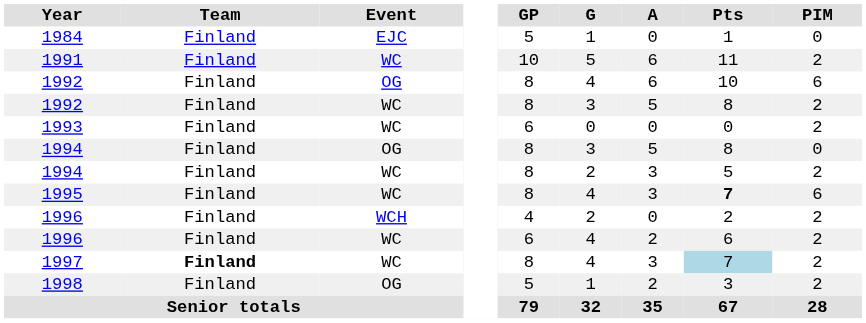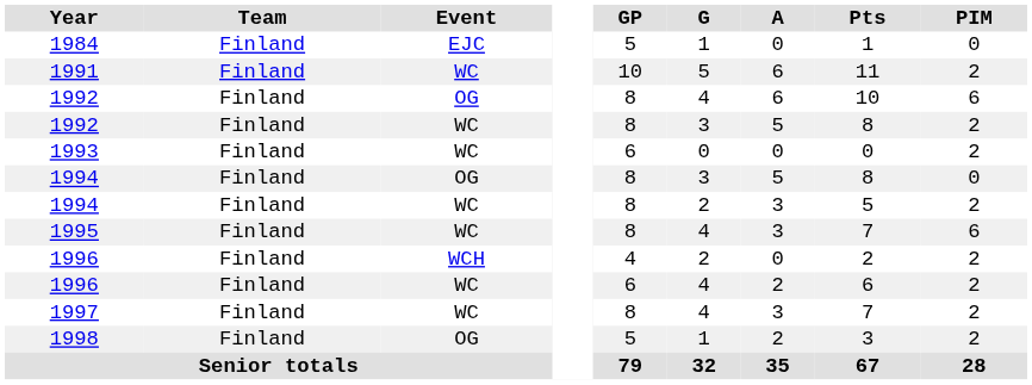 <table border="0" cellpadding="1" cellspacing="0" style="text-align:center; width:50em">
 <tr align="center" bgcolor="#e0e0e0">
 <th>Year</th>
 <th>Team</th>
 <th>Event</th>
 <th rowspan="99" bgcolor="#ffffff"> </th>
 <th>GP</th>
 <th>G</th>
 <th>A</th>
 <th>Pts</th>
 <th>PIM</th>
 </tr>
 <tr>
 <td><a href='#'>1984</a></td>
 <td><a href='#'>Finland</a></td>
 <td><a href='#'>EJC</a></td>
 <td>5</td>
 <td>1</td>
 <td>0</td>
 <td>1</td>
 <td>0</td>
 </tr>
 <tr bgcolor="#f0f0f0">
 <td><a href='#'>1991</a></td>
 <td><a href='#'>Finland</a></td>
 <td><a href='#'>WC</a></td>
 <td>10</td>
 <td>5</td>
 <td>6</td>
 <td>11</td>
 <td>2</td>
 </tr>
 <tr>
 <td><a href='#'>1992</a></td>
 <td>Finland</td>
 <td><a href='#'>OG</a></td>
 <td>8</td>
 <td>4</td>
 <td>6</td>
 <td>10</td>
 <td>6</td>
 </tr>
 <tr bgcolor="#f0f0f0">
 <td><a href='#'>1992</a></td>
 <td>Finland</td>
 <td>WC</td>
 <td>8</td>
 <td>3</td>
 <td>5</td>
 <td>8</td>
 <td>2</td>
 </tr>
 <tr>
 <td><a href='#'>1993</a></td>
 <td>Finland</td>
 <td>WC</td>
 <td>6</td>
 <td>0</td>
 <td>0</td>
 <td>0</td>
 <td>2</td>
 </tr>
 <tr bgcolor="#f0f0f0">
 <td><a href='#'>1994</a></td>
 <td>Finland</td>
 <td>OG</td>
 <td>8</td>
 <td>3</td>
 <td>5</td>
 <td>8</td>
 <td>0</td>
 </tr>
 <tr>
 <td><a href='#'>1994</a></td>
 <td>Finland</td>
 <td>WC</td>
 <td>8</td>
 <td>2</td>
 <td>3</td>
 <td>5</td>
 <td>2</td>
 </tr>
 <tr bgcolor="#f0f0f0">
 <td><a href='#'>1995</a></td>
 <td>Finland</td>
 <td>WC</td>
 <td>8</td>
 <td>4</td>
 <td>3</td>
-<td><strong>7</strong></td>
+<td>7</td>
 <td>6</td>
 </tr>
 <tr>
 <td><a href='#'>1996</a></td>
 <td>Finland</td>
 <td><a href='#'>WCH</a></td>
 <td>4</td>
 <td>2</td>
 <td>0</td>
 <td>2</td>
 <td>2</td>
 </tr>
 <tr bgcolor="#f0f0f0">
 <td><a href='#'>1996</a></td>
 <td>Finland</td>
 <td>WC</td>
 <td>6</td>
 <td>4</td>
 <td>2</td>
 <td>6</td>
 <td>2</td>
 </tr>
 <tr>
 <td><a href='#'>1997</a></td>
-<td><strong>Finland</strong></td>
+<td>Finland</td>
 <td>WC</td>
 <td>8</td>
 <td>4</td>
 <td>3</td>
-<td style="background: lightblue;">7</td>
+<td>7</td>
 <td>2</td>
 </tr>
 <tr bgcolor="#f0f0f0">
 <td><a href='#'>1998</a></td>
 <td>Finland</td>
 <td>OG</td>
 <td>5</td>
 <td>1</td>
 <td>2</td>
 <td>3</td>
 <td>2</td>
 </tr>
 <tr bgcolor="#e0e0e0">
 <th colspan=3>Senior totals</th>
 <th>79</th>
 <th>32</th>
 <th>35</th>
 <th>67</th>
 <th>28</th>
 </tr>
 </table>
